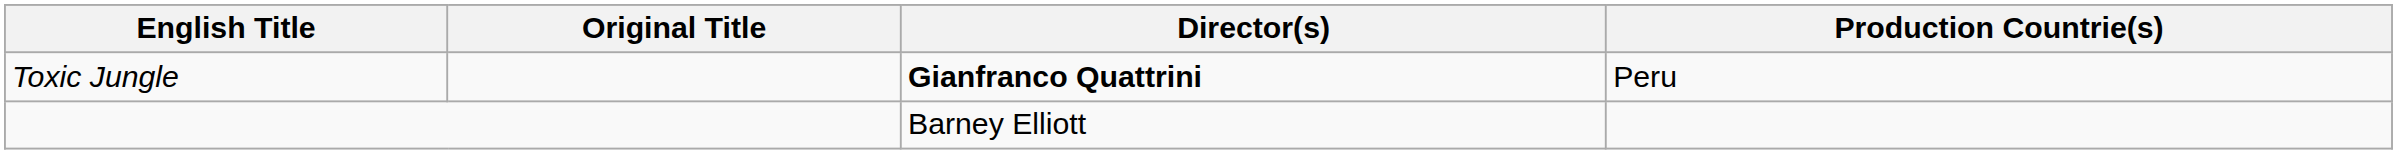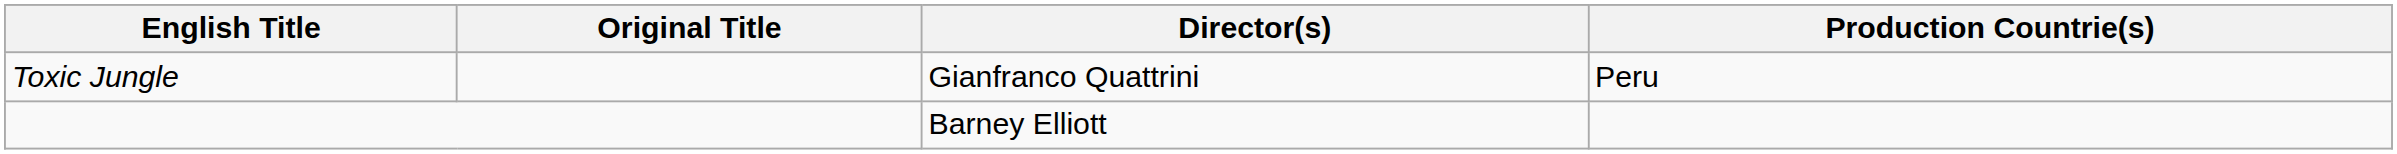 <table class="sortable wikitable" style="width:100%; margin-bottom:4px" cellpadding="5">
 <tr>
 <th scope="col">English Title</th>
 <th scope="col">Original Title</th>
 <th scope="col">Director(s)</th>
 <th scope="col">Production Countrie(s)</th>
 </tr>
 <tr>
 <td><em>Toxic Jungle</em></td>
 <td></td>
-<td><strong>Gianfranco Quattrini</strong></td>
+<td>Gianfranco Quattrini</td>
 <td>Peru</td>
 </tr>
 <tr>
 <td colspan = "2"></td>
 <td>Barney Elliott</td>
 <td></td>
 </tr>
 </table>
